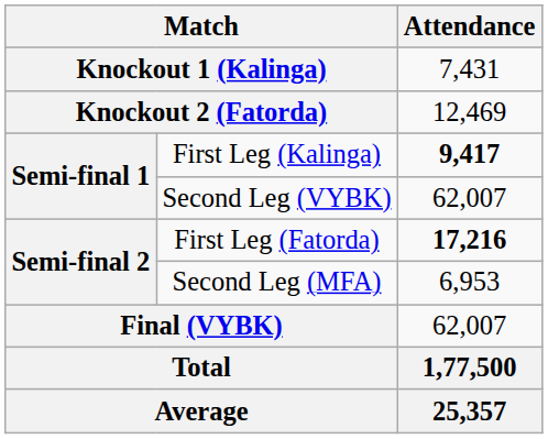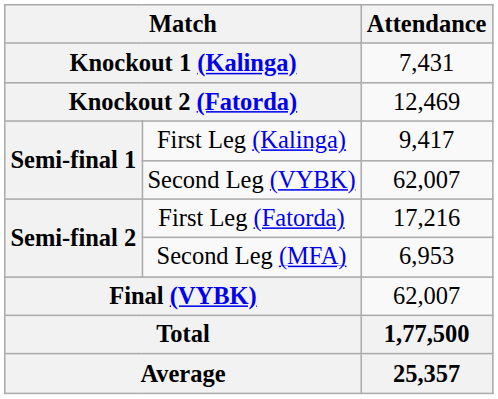 <table class="wikitable plainrowheaders sortable" style="text-align:center;">
 <tr>
 <th colspan="2">Match</th>
 <th>Attendance</th>
 </tr>
 <tr>
 <th colspan="2" scope="row">Knockout 1 <a href='#'>(Kalinga)</a></th>
 <td>7,431</td>
 </tr>
 <tr>
 <th colspan="2" scope="row">Knockout 2 <a href='#'>(Fatorda)</a></th>
 <td>12,469</td>
 </tr>
 <tr>
 <th rowspan="2" scope="row">Semi-final 1</th>
 <td>First Leg <a href='#'>(Kalinga)</a></td>
-<td><strong>9,417</strong></td>
+<td>9,417</td>
 </tr>
 <tr>
 <td>Second Leg <a href='#'>(VYBK)</a></td>
 <td>62,007</td>
 </tr>
 <tr>
 <th rowspan="2" scope="row">Semi-final 2</th>
 <td>First Leg <a href='#'>(Fatorda)</a></td>
-<td><strong>17,216</strong></td>
+<td>17,216</td>
 </tr>
 <tr>
 <td>Second Leg <a href='#'>(MFA)</a></td>
 <td>6,953</td>
 </tr>
 <tr>
 <th colspan="2" scope="row">Final <a href='#'>(VYBK)</a></th>
 <td>62,007</td>
 </tr>
 <tr>
 <th colspan="2">Total</th>
 <th>1,77,500</th>
 </tr>
 <tr>
 <th colspan="2">Average</th>
 <th>25,357</th>
 </tr>
 </table>
